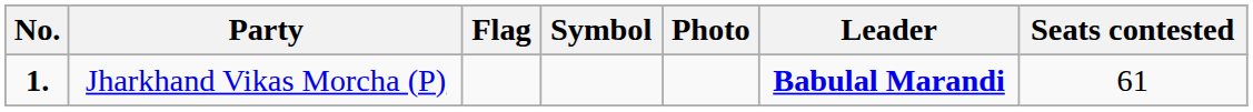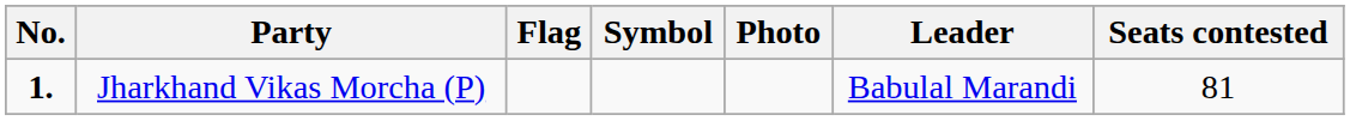 <table class="wikitable" style="width:50%;">
 <tr>
 <th>No.</th>
 <th>Party</th>
 <th>Flag</th>
 <th>Symbol</th>
 <th>Photo</th>
 <th>Leader</th>
 <th>Seats contested</th>
 </tr>
 <tr>
 <td ! style="text-align:center; background:"><strong>1.</strong></td>
 <td ! style="text-align:center"><a href='#'>Jharkhand Vikas Morcha (P)</a></td>
 <td></td>
 <td></td>
 <td></td>
-<td style="text-align:center"><strong><a href='#'>Babulal Marandi</a></strong></td>
-<td style="text-align:center">61</td>
+<td style="text-align:center"><a href='#'>Babulal Marandi</a></td>
+<td style="text-align:center">81</td>
 </tr>
 </table>
